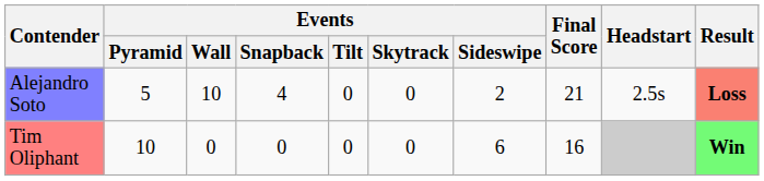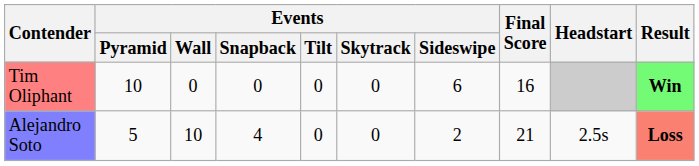 <table class="wikitable" style="text-align:center;">
 <tr>
 <th rowspan=2>Contender</th>
 <th colspan=6>Events</th>
 <th rowspan=2>Final Score</th>
 <th rowspan=2>Headstart</th>
 <th rowspan=2>Result</th>
 </tr>
 <tr>
 <th>Pyramid</th>
 <th>Wall</th>
 <th>Snapback</th>
 <th>Tilt</th>
 <th>Skytrack</th>
 <th>Sideswipe</th>
 </tr>
 <tr>
+<td bgcolor=#ff8080 style="text-align:left;">Tim Oliphant</td>
+<td>10</td>
+<td>0</td>
+<td>0</td>
+<td>0</td>
+<td>0</td>
+<td>6</td>
+<td>16</td>
+<td style="background:#ccc"></td>
+<td style="text-align:center; background:#73fb76;"><strong>Win</strong></td>
+</tr>
+<tr>
 <td bgcolor=#8080ff style="text-align:left;">Alejandro Soto</td>
 <td>5</td>
 <td>10</td>
 <td>4</td>
 <td>0</td>
 <td>0</td>
 <td>2</td>
 <td>21</td>
 <td>2.5s</td>
 <td style="text-align:center; background:salmon;"><strong>Loss</strong></td>
 </tr>
-<tr>
-<td bgcolor=#ff8080 style="text-align:left;">Tim Oliphant</td>
-<td>10</td>
-<td>0</td>
-<td>0</td>
-<td>0</td>
-<td>0</td>
-<td>6</td>
-<td>16</td>
-<td style="background:#ccc"></td>
-<td style="text-align:center; background:#73fb76;"><strong>Win</strong></td>
-</tr>
 </table>
